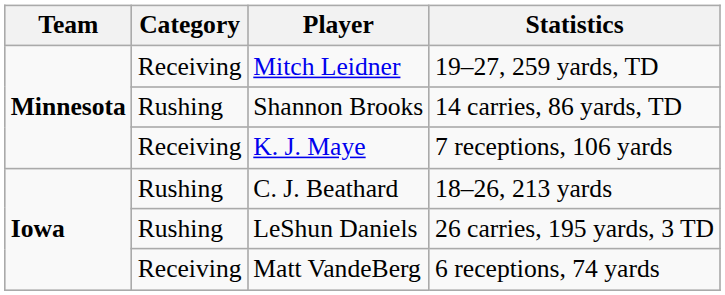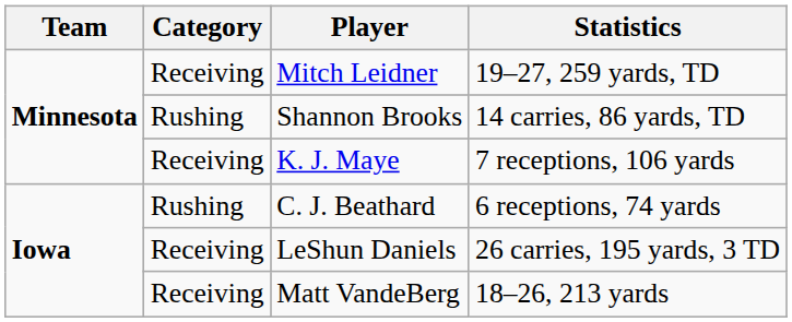 <table class="wikitable" style="float: left;">
 <tr>
 <th>Team</th>
 <th>Category</th>
 <th>Player</th>
 <th>Statistics</th>
 </tr>
 <tr>
 <td rowspan=3><strong>Minnesota</strong></td>
 <td>Receiving</td>
 <td><a href='#'>Mitch Leidner</a></td>
 <td>19–27, 259 yards, TD</td>
 </tr>
 <tr>
 <td>Rushing</td>
 <td>Shannon Brooks</td>
 <td>14 carries, 86 yards, TD</td>
 </tr>
 <tr>
 <td>Receiving</td>
 <td><a href='#'>K. J. Maye</a></td>
 <td>7 receptions, 106 yards</td>
 </tr>
 <tr>
 <td rowspan=3><strong>Iowa</strong></td>
 <td>Rushing</td>
 <td>C. J. Beathard</td>
-<td>18–26, 213 yards</td>
+<td>6 receptions, 74 yards</td>
 </tr>
 <tr>
-<td>Rushing</td>
+<td>Receiving</td>
 <td>LeShun Daniels</td>
 <td>26 carries, 195 yards, 3 TD</td>
 </tr>
 <tr>
 <td>Receiving</td>
 <td>Matt VandeBerg</td>
-<td>6 receptions, 74 yards</td>
+<td>18–26, 213 yards</td>
 </tr>
 </table>
